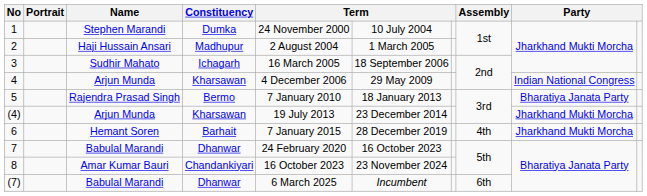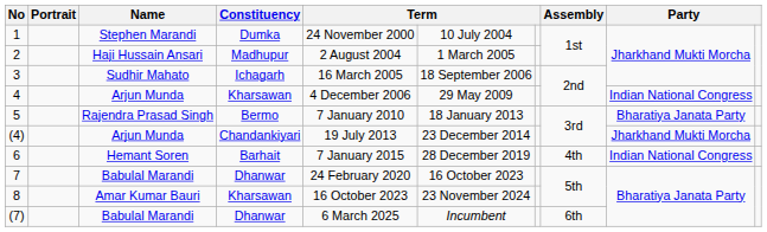 <table class="wikitable" style="text-align:center">
 <tr>
 <th>No</th>
 <th>Portrait</th>
 <th>Name</th>
 <th><a href='#'>Constituency</a></th>
 <th colspan="3">Term</th>
 <th>Assembly<br></th>
 <th colspan="2">Party</th>
 </tr>
 <tr>
 <td>1</td>
 <td></td>
 <td><a href='#'>Stephen Marandi</a></td>
 <td><a href='#'>Dumka</a></td>
 <td>24 November 2000</td>
 <td>10 July 2004</td>
 <td></td>
 <td rowspan=2>1st<br></td>
 <td rowspan=3><a href='#'>Jharkhand Mukti Morcha</a></td>
 <td rowspan=3 style="background-color: "></td>
 </tr>
 <tr>
 <td>2</td>
 <td></td>
 <td><a href='#'>Haji Hussain Ansari</a></td>
 <td><a href='#'>Madhupur</a></td>
 <td>2 August 2004</td>
 <td>1 March 2005</td>
 <td></td>
 </tr>
 <tr>
 <td>3</td>
 <td></td>
 <td><a href='#'>Sudhir Mahato</a></td>
 <td><a href='#'>Ichagarh</a></td>
 <td>16 March 2005</td>
 <td>18 September 2006</td>
 <td></td>
 <td rowspan=2>2nd<br></td>
 </tr>
 <tr>
 <td>4</td>
 <td></td>
 <td><a href='#'>Arjun Munda</a></td>
 <td><a href='#'>Kharsawan</a></td>
 <td>4 December 2006</td>
 <td>29 May 2009</td>
 <td></td>
 <td><a href='#'>Indian National Congress</a></td>
 <td style="background-color: "></td>
 </tr>
 <tr>
 <td>5</td>
 <td></td>
 <td><a href='#'>Rajendra Prasad Singh</a></td>
 <td><a href='#'>Bermo</a></td>
 <td>7 January 2010</td>
 <td>18 January 2013</td>
 <td></td>
 <td rowspan=2>3rd<br></td>
 <td><a href='#'>Bharatiya Janata Party</a></td>
 <td style="background-color: "></td>
 </tr>
 <tr>
 <td>(4)</td>
 <td></td>
 <td><a href='#'>Arjun Munda</a></td>
-<td><a href='#'>Kharsawan</a></td>
+<td><a href='#'>Chandankiyari</a></td>
 <td>19 July 2013</td>
 <td>23 December 2014</td>
 <td></td>
 <td><a href='#'>Jharkhand Mukti Morcha</a></td>
 <td style="background-color: "></td>
 </tr>
 <tr>
 <td>6</td>
 <td></td>
 <td><a href='#'>Hemant Soren</a></td>
 <td><a href='#'>Barhait</a></td>
 <td>7 January 2015</td>
 <td>28 December 2019</td>
 <td></td>
 <td>4th<br></td>
-<td><a href='#'>Jharkhand Mukti Morcha</a></td>
+<td><a href='#'>Indian National Congress</a></td>
 <td style="background-color: "></td>
 </tr>
 <tr>
 <td>7</td>
 <td></td>
 <td><a href='#'>Babulal Marandi</a></td>
 <td><a href='#'>Dhanwar</a></td>
 <td>24 February 2020</td>
 <td>16 October 2023</td>
 <td></td>
 <td rowspan=2>5th<br></td>
 <td rowspan=3><a href='#'>Bharatiya Janata Party</a></td>
 <td rowspan=3 style="background-color: "></td>
 </tr>
 <tr>
 <td>8</td>
 <td></td>
 <td><a href='#'>Amar Kumar Bauri</a></td>
-<td><a href='#'>Chandankiyari</a></td>
+<td><a href='#'>Kharsawan</a></td>
 <td>16 October 2023</td>
 <td>23 November 2024</td>
 <td></td>
 </tr>
 <tr>
 <td>(7)</td>
 <td></td>
 <td><a href='#'>Babulal Marandi</a></td>
 <td><a href='#'>Dhanwar</a></td>
 <td>6 March 2025</td>
 <td><em>Incumbent</em></td>
 <td></td>
 <td>6th<br></td>
 </tr>
 </table>
